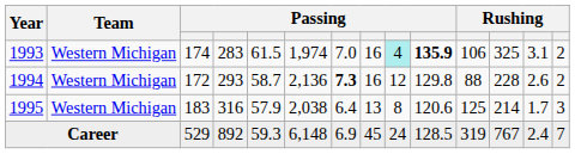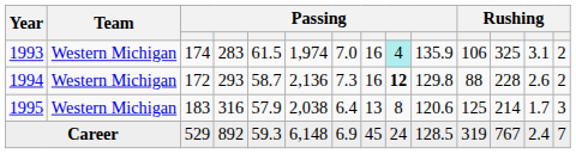 <table class="wikitable sortable" style="text-align:center;">
 <tr>
 <th rowspan=2>Year</th>
 <th rowspan=2>Team</th>
 <th colspan=8>Passing</th>
 <th colspan=4>Rushing</th>
 </tr>
 <tr>
 <th></th>
 <th></th>
 <th></th>
 <th></th>
 <th></th>
 <th></th>
 <th></th>
 <th></th>
 <th></th>
 <th></th>
 <th></th>
 <th></th>
 </tr>
 <tr>
 <td><a href='#'>1993</a></td>
 <td><a href='#'>Western Michigan</a></td>
 <td>174</td>
 <td>283</td>
 <td>61.5</td>
 <td>1,974</td>
 <td>7.0</td>
 <td>16</td>
 <td style="background: paleturquoise;">4</td>
-<td><strong>135.9</strong></td>
+<td>135.9</td>
 <td>106</td>
 <td>325</td>
 <td>3.1</td>
 <td>2</td>
 </tr>
 <tr>
 <td><a href='#'>1994</a></td>
 <td><a href='#'>Western Michigan</a></td>
 <td>172</td>
 <td>293</td>
 <td>58.7</td>
 <td>2,136</td>
-<td><strong>7.3</strong></td>
+<td>7.3</td>
 <td>16</td>
-<td>12</td>
+<td><strong>12</strong></td>
 <td>129.8</td>
 <td>88</td>
 <td>228</td>
 <td>2.6</td>
 <td>2</td>
 </tr>
 <tr>
 <td><a href='#'>1995</a></td>
 <td><a href='#'>Western Michigan</a></td>
 <td>183</td>
 <td>316</td>
 <td>57.9</td>
 <td>2,038</td>
 <td>6.4</td>
 <td>13</td>
 <td>8</td>
 <td>120.6</td>
 <td>125</td>
 <td>214</td>
 <td>1.7</td>
 <td>3</td>
 </tr>
 <tr class="sortbottom" style="background:#eee;">
 <td colspan=2><strong>Career</strong></td>
 <td>529</td>
 <td>892</td>
 <td>59.3</td>
 <td>6,148</td>
 <td>6.9</td>
 <td>45</td>
 <td>24</td>
 <td>128.5</td>
 <td>319</td>
 <td>767</td>
 <td>2.4</td>
 <td>7</td>
 </tr>
 </table>
